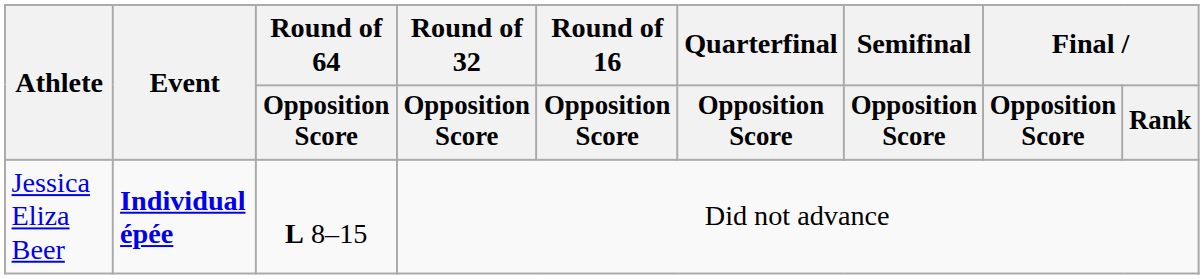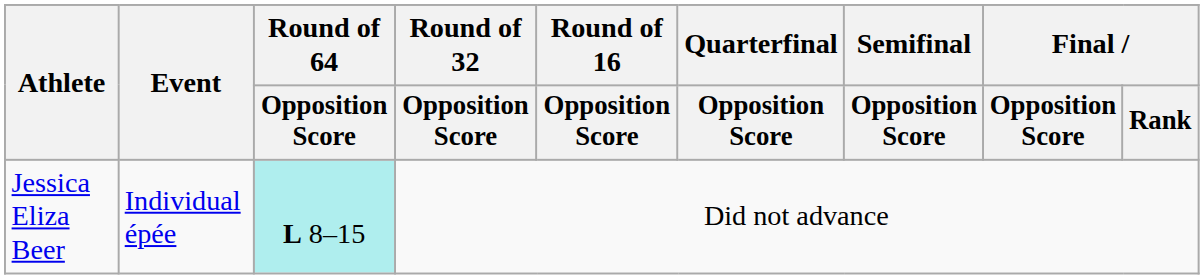 <table class="wikitable" style="font-size:90%">
 <tr>
 <th rowspan="2">Athlete</th>
 <th rowspan="2">Event</th>
 <th>Round of 64</th>
 <th>Round of 32</th>
 <th>Round of 16</th>
 <th>Quarterfinal</th>
 <th>Semifinal</th>
 <th colspan=2>Final / </th>
 </tr>
 <tr style="font-size:95%">
 <th>Opposition <br> Score</th>
 <th>Opposition <br> Score</th>
 <th>Opposition <br> Score</th>
 <th>Opposition <br> Score</th>
 <th>Opposition <br> Score</th>
 <th>Opposition <br> Score</th>
 <th>Rank</th>
 </tr>
 <tr align=center>
 <td align=left><a href='#'>Jessica Eliza Beer</a></td>
-<td align=left><strong><a href='#'>Individual épée</a></strong></td>
-<td><br><strong>L</strong> 8–15</td>
+<td align=left><a href='#'>Individual épée</a></td>
+<td style="background: paleturquoise;"><br><strong>L</strong> 8–15</td>
 <td colspan=6>Did not advance</td>
 </tr>
 </table>
